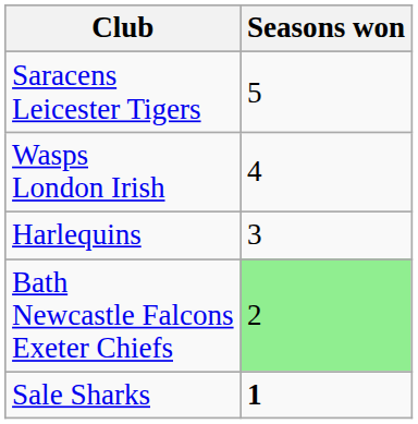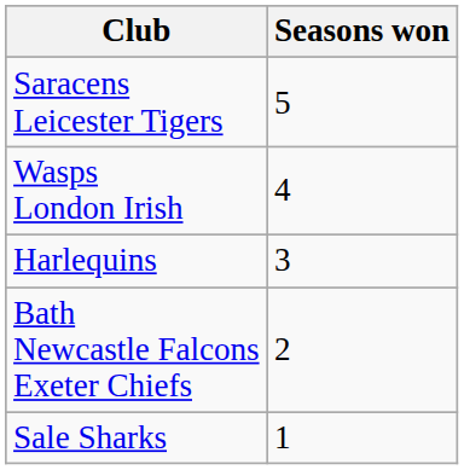 <table class=wikitable>
 <tr>
 <th>Club</th>
 <th>Seasons won</th>
 </tr>
 <tr>
 <td><a href='#'>Saracens</a> <br> <a href='#'>Leicester Tigers</a></td>
 <td>5</td>
 </tr>
 <tr>
 <td><a href='#'>Wasps</a> <br> <a href='#'>London Irish</a></td>
 <td>4</td>
 </tr>
 <tr>
 <td><a href='#'>Harlequins</a></td>
 <td>3</td>
 </tr>
 <tr>
 <td><a href='#'>Bath</a> <br> <a href='#'>Newcastle Falcons</a> <br> <a href='#'>Exeter Chiefs</a></td>
-<td style="background: lightgreen;">2</td>
+<td>2</td>
 </tr>
 <tr>
 <td><a href='#'>Sale Sharks</a></td>
-<td><strong>1</strong></td>
+<td>1</td>
 </tr>
 </table>
